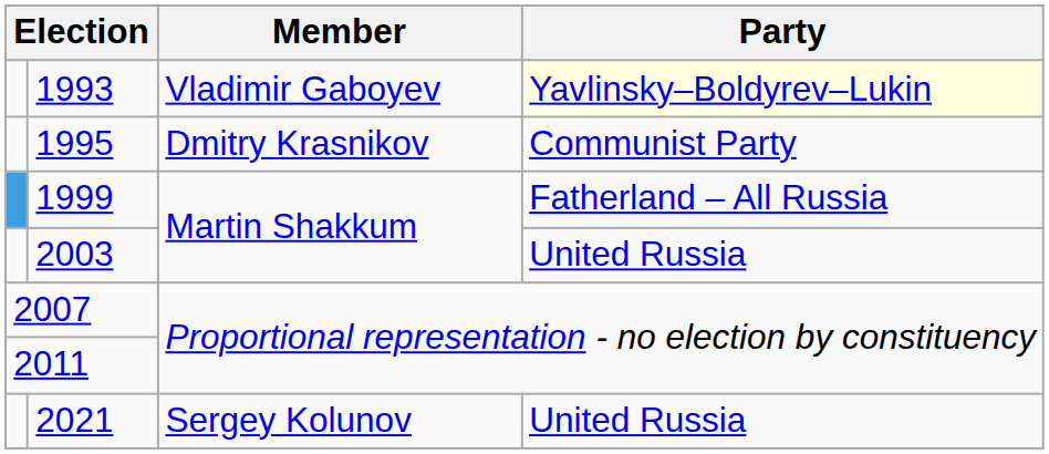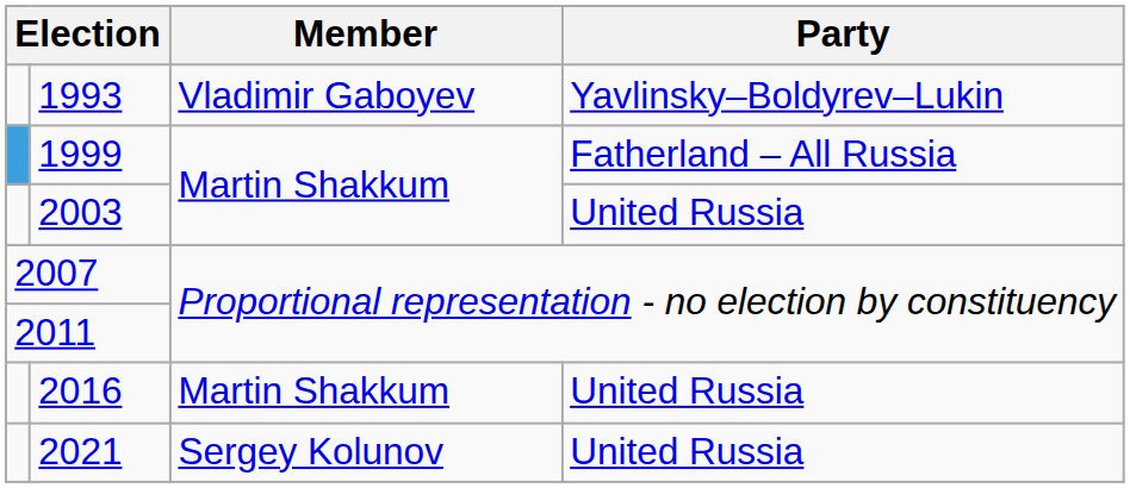 <table class="wikitable">
 <tr>
 <th colspan="2">Election</th>
 <th>Member</th>
 <th>Party</th>
 </tr>
 <tr>
 <td style="background-color:"></td>
 <td><a href='#'>1993</a></td>
 <td><a href='#'>Vladimir Gaboyev</a></td>
-<td style="background: lightyellow;"><a href='#'>Yavlinsky–Boldyrev–Lukin</a></td>
-</tr>
-<tr>
-<td style="background-color:"></td>
-<td><a href='#'>1995</a></td>
-<td><a href='#'>Dmitry Krasnikov</a></td>
-<td><a href='#'>Communist Party</a></td>
+<td><a href='#'>Yavlinsky–Boldyrev–Lukin</a></td>
 </tr>
 <tr>
 <td style="background-color:#3B9EDF"></td>
 <td><a href='#'>1999</a></td>
 <td rowspan=2><a href='#'>Martin Shakkum</a></td>
 <td><a href='#'>Fatherland – All Russia</a></td>
 </tr>
 <tr>
 <td style="background-color: "></td>
 <td><a href='#'>2003</a></td>
 <td><a href='#'>United Russia</a></td>
 </tr>
 <tr>
 <td colspan=2><a href='#'>2007</a></td>
 <td colspan=2 rowspan=2><em><a href='#'>Proportional representation</a> - no election by constituency</em></td>
 </tr>
 <tr>
 <td colspan=2><a href='#'>2011</a></td>
 </tr>
 <tr>
 <td style="background-color: "></td>
+<td><a href='#'>2016</a></td>
+<td><a href='#'>Martin Shakkum</a></td>
+<td><a href='#'>United Russia</a></td>
+</tr>
+<tr>
+<td style="background-color: "></td>
 <td><a href='#'>2021</a></td>
 <td><a href='#'>Sergey Kolunov</a></td>
 <td><a href='#'>United Russia</a></td>
 </tr>
 </table>
